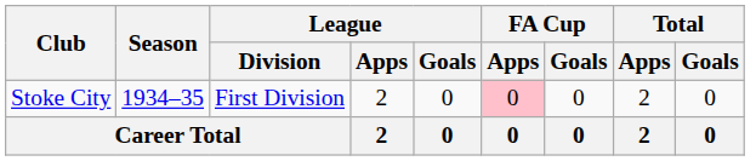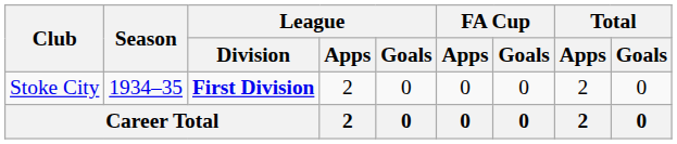 <table class="wikitable" style="text-align: center;">
 <tr>
 <th rowspan="2">Club</th>
 <th rowspan="2">Season</th>
 <th colspan="3">League</th>
 <th colspan="2">FA Cup</th>
 <th colspan="2">Total</th>
 </tr>
 <tr>
 <th>Division</th>
 <th>Apps</th>
 <th>Goals</th>
 <th>Apps</th>
 <th>Goals</th>
 <th>Apps</th>
 <th>Goals</th>
 </tr>
 <tr>
 <td><a href='#'>Stoke City</a></td>
 <td><a href='#'>1934–35</a></td>
-<td><a href='#'>First Division</a></td>
+<td><strong><a href='#'>First Division</a></strong></td>
 <td>2</td>
 <td>0</td>
-<td style="background: pink;">0</td>
+<td>0</td>
 <td>0</td>
 <td>2</td>
 <td>0</td>
 </tr>
 <tr>
 <th colspan="3">Career Total</th>
 <th>2</th>
 <th>0</th>
 <th>0</th>
 <th>0</th>
 <th>2</th>
 <th>0</th>
 </tr>
 </table>
